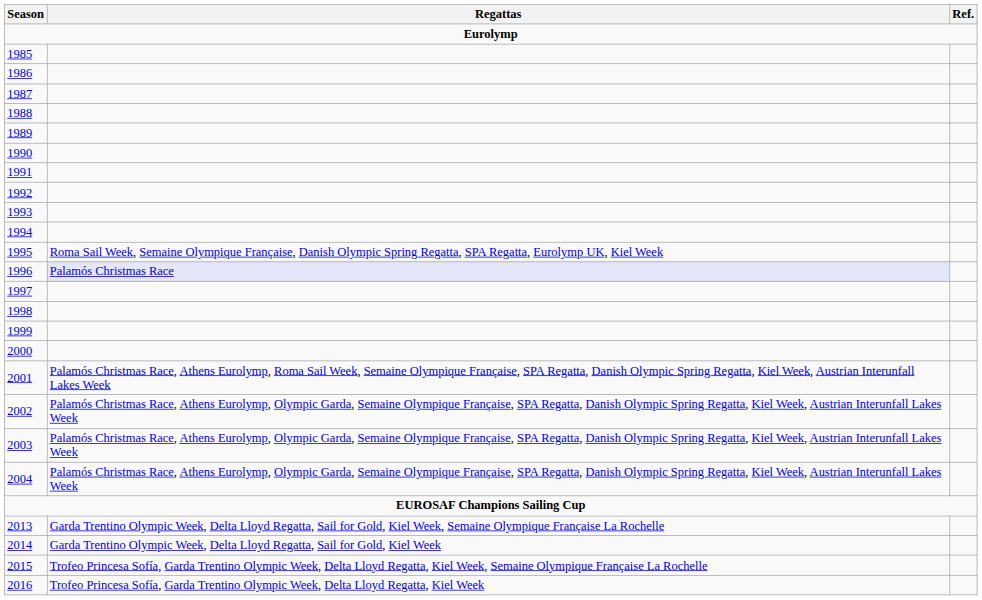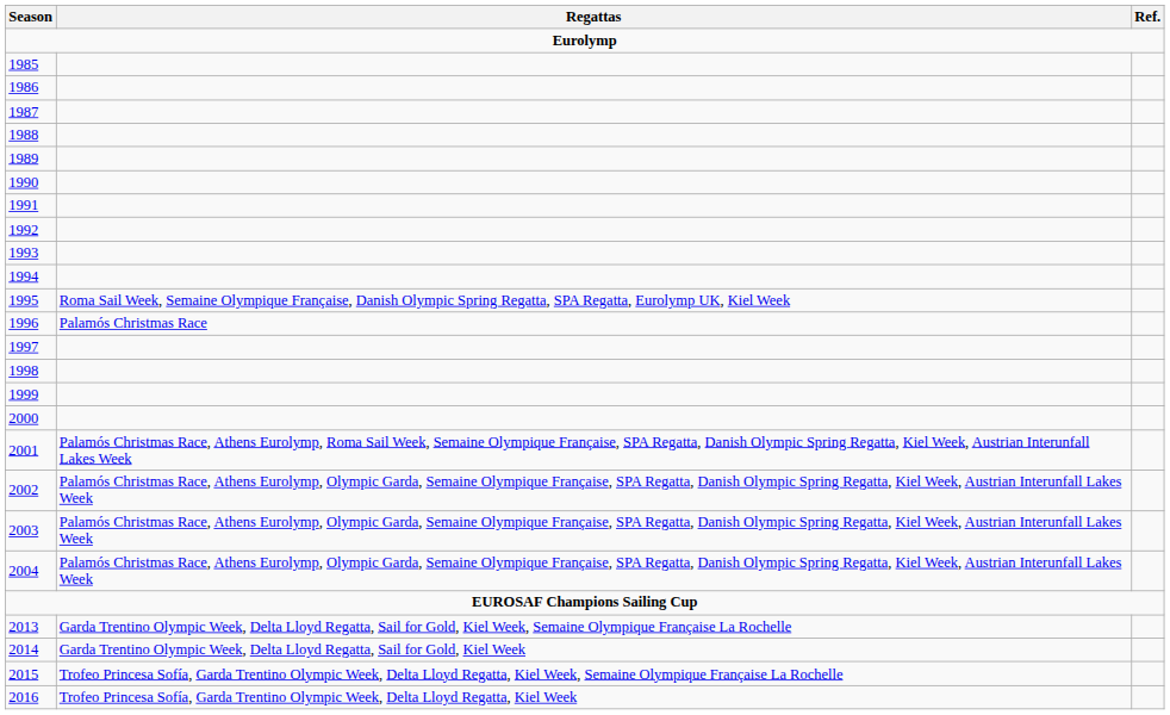 <table class="wikitable">
 <tr>
 <th>Season</th>
 <th>Regattas</th>
 <th>Ref.</th>
 </tr>
 <tr>
 <td colspan=3 align=center><strong>Eurolymp</strong></td>
 </tr>
 <tr>
 <td><a href='#'>1985</a></td>
 <td></td>
 <td></td>
 </tr>
 <tr>
 <td><a href='#'>1986</a></td>
 <td></td>
 <td></td>
 </tr>
 <tr>
 <td><a href='#'>1987</a></td>
 <td></td>
 <td></td>
 </tr>
 <tr>
 <td><a href='#'>1988</a></td>
 <td></td>
 <td></td>
 </tr>
 <tr>
 <td><a href='#'>1989</a></td>
 <td></td>
 <td></td>
 </tr>
 <tr>
 <td><a href='#'>1990</a></td>
 <td></td>
 <td></td>
 </tr>
 <tr>
 <td><a href='#'>1991</a></td>
 <td></td>
 <td></td>
 </tr>
 <tr>
 <td><a href='#'>1992</a></td>
 <td></td>
 <td></td>
 </tr>
 <tr>
 <td><a href='#'>1993</a></td>
 <td></td>
 <td></td>
 </tr>
 <tr>
 <td><a href='#'>1994</a></td>
 <td></td>
 <td></td>
 </tr>
 <tr>
 <td><a href='#'>1995</a></td>
 <td><a href='#'>Roma Sail Week</a>, <a href='#'>Semaine Olympique Française</a>, <a href='#'>Danish Olympic Spring Regatta</a>, <a href='#'>SPA Regatta</a>, <a href='#'>Eurolymp UK</a>, <a href='#'>Kiel Week</a></td>
 <td></td>
 </tr>
 <tr>
 <td><a href='#'>1996</a></td>
-<td style="background: lavender;"><a href='#'>Palamós Christmas Race</a></td>
+<td><a href='#'>Palamós Christmas Race</a></td>
 <td></td>
 </tr>
 <tr>
 <td><a href='#'>1997</a></td>
 <td></td>
 <td></td>
 </tr>
 <tr>
 <td><a href='#'>1998</a></td>
 <td></td>
 <td></td>
 </tr>
 <tr>
 <td><a href='#'>1999</a></td>
 <td></td>
 <td></td>
 </tr>
 <tr>
 <td><a href='#'>2000</a></td>
 <td></td>
 <td></td>
 </tr>
 <tr>
 <td><a href='#'>2001</a></td>
 <td><a href='#'>Palamós Christmas Race</a>, <a href='#'>Athens Eurolymp</a>, <a href='#'>Roma Sail Week</a>, <a href='#'>Semaine Olympique Française</a>, <a href='#'>SPA Regatta</a>, <a href='#'>Danish Olympic Spring Regatta</a>, <a href='#'>Kiel Week</a>, <a href='#'>Austrian Interunfall Lakes Week</a></td>
 <td></td>
 </tr>
 <tr>
 <td><a href='#'>2002</a></td>
 <td><a href='#'>Palamós Christmas Race</a>, <a href='#'>Athens Eurolymp</a>, <a href='#'>Olympic Garda</a>, <a href='#'>Semaine Olympique Française</a>, <a href='#'>SPA Regatta</a>, <a href='#'>Danish Olympic Spring Regatta</a>, <a href='#'>Kiel Week</a>, <a href='#'>Austrian Interunfall Lakes Week</a></td>
 <td></td>
 </tr>
 <tr>
 <td><a href='#'>2003</a></td>
 <td><a href='#'>Palamós Christmas Race</a>, <a href='#'>Athens Eurolymp</a>, <a href='#'>Olympic Garda</a>, <a href='#'>Semaine Olympique Française</a>, <a href='#'>SPA Regatta</a>, <a href='#'>Danish Olympic Spring Regatta</a>, <a href='#'>Kiel Week</a>, <a href='#'>Austrian Interunfall Lakes Week</a></td>
 <td></td>
 </tr>
 <tr>
 <td><a href='#'>2004</a></td>
 <td><a href='#'>Palamós Christmas Race</a>, <a href='#'>Athens Eurolymp</a>, <a href='#'>Olympic Garda</a>, <a href='#'>Semaine Olympique Française</a>, <a href='#'>SPA Regatta</a>, <a href='#'>Danish Olympic Spring Regatta</a>, <a href='#'>Kiel Week</a>, <a href='#'>Austrian Interunfall Lakes Week</a></td>
 <td></td>
 </tr>
 <tr>
 <td colspan=3 align=center><strong>EUROSAF Champions Sailing Cup</strong></td>
 </tr>
 <tr>
 <td><a href='#'>2013</a></td>
 <td><a href='#'>Garda Trentino Olympic Week</a>, <a href='#'>Delta Lloyd Regatta</a>, <a href='#'>Sail for Gold</a>, <a href='#'>Kiel Week</a>, <a href='#'>Semaine Olympique Française La Rochelle</a></td>
 <td></td>
 </tr>
 <tr>
 <td><a href='#'>2014</a></td>
 <td><a href='#'>Garda Trentino Olympic Week</a>, <a href='#'>Delta Lloyd Regatta</a>, <a href='#'>Sail for Gold</a>, <a href='#'>Kiel Week</a></td>
 <td></td>
 </tr>
 <tr>
 <td><a href='#'>2015</a></td>
 <td><a href='#'>Trofeo Princesa Sofía</a>, <a href='#'>Garda Trentino Olympic Week</a>, <a href='#'>Delta Lloyd Regatta</a>, <a href='#'>Kiel Week</a>, <a href='#'>Semaine Olympique Française La Rochelle</a></td>
 <td></td>
 </tr>
 <tr>
 <td><a href='#'>2016</a></td>
 <td><a href='#'>Trofeo Princesa Sofía</a>, <a href='#'>Garda Trentino Olympic Week</a>, <a href='#'>Delta Lloyd Regatta</a>, <a href='#'>Kiel Week</a></td>
 <td></td>
 </tr>
 </table>
